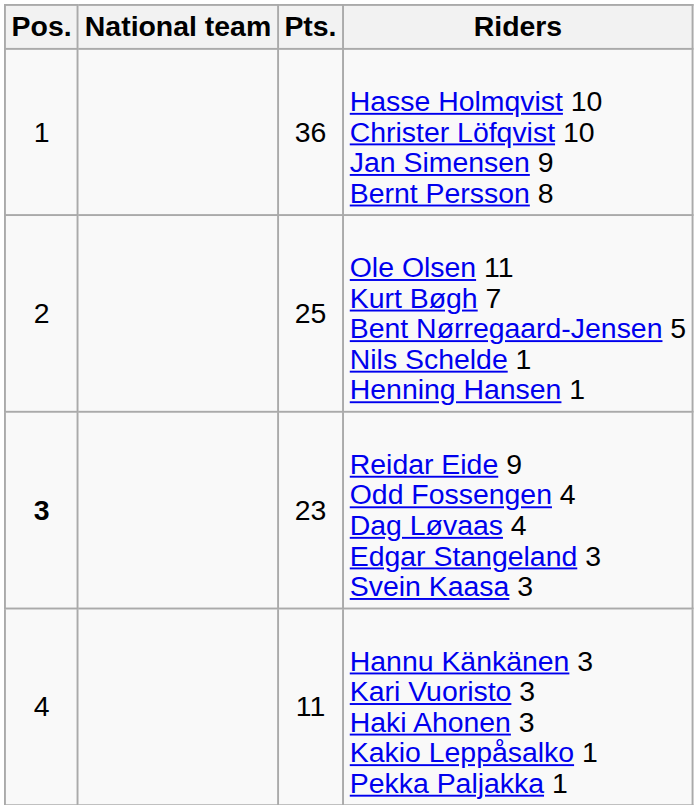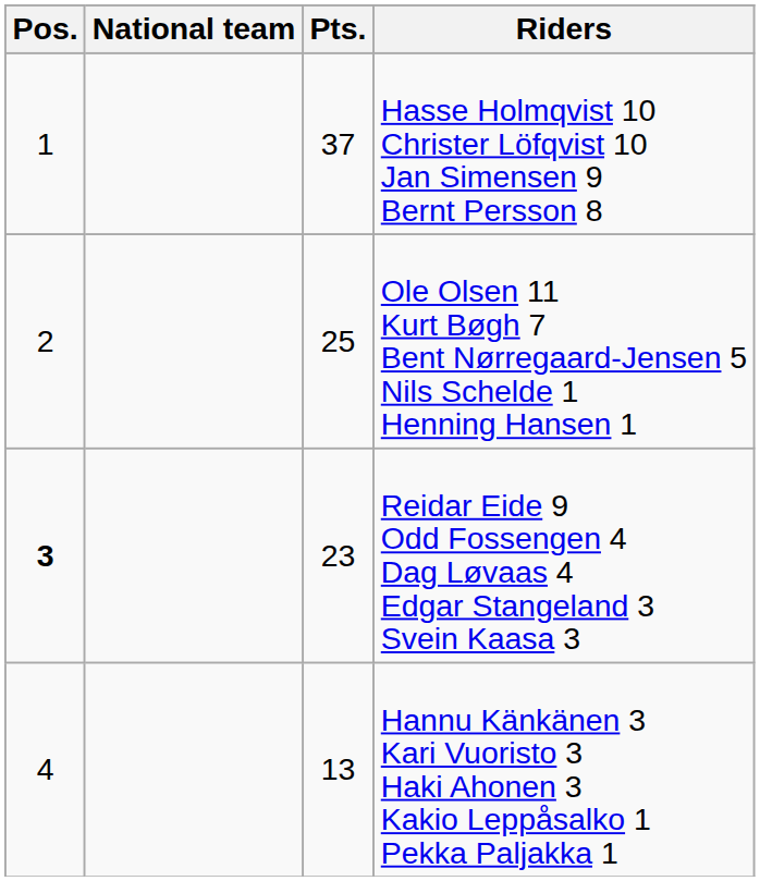 <table class=wikitable style="font-size:93%;">
 <tr>
 <th>Pos.</th>
 <th>National team</th>
 <th>Pts.</th>
 <th>Riders</th>
 </tr>
 <tr align=center >
 <td>1</td>
 <td align=left></td>
-<td>36</td>
+<td>37</td>
 <td align=left><br><a href='#'>Hasse Holmqvist</a> 10<br> <a href='#'>Christer Löfqvist</a> 10<br> <a href='#'>Jan Simensen</a> 9<br> <a href='#'>Bernt Persson</a> 8</td>
 </tr>
 <tr align=center>
 <td>2</td>
 <td align=left></td>
 <td>25</td>
 <td align=left><br><a href='#'>Ole Olsen</a> 11<br> <a href='#'>Kurt Bøgh</a> 7<br> <a href='#'>Bent Nørregaard-Jensen</a> 5<br> <a href='#'>Nils Schelde</a> 1<br> <a href='#'>Henning Hansen</a> 1</td>
 </tr>
 <tr align=center>
 <td><strong>3</strong></td>
 <td align=left></td>
 <td>23</td>
 <td align=left><br><a href='#'>Reidar Eide</a> 9<br> <a href='#'>Odd Fossengen</a> 4<br> <a href='#'>Dag Løvaas</a> 4<br> <a href='#'>Edgar Stangeland</a> 3<br> <a href='#'>Svein Kaasa</a> 3</td>
 </tr>
 <tr align=center>
 <td>4</td>
 <td align=left></td>
-<td>11</td>
+<td>13</td>
 <td align=left><br><a href='#'>Hannu Känkänen</a> 3<br> <a href='#'>Kari Vuoristo</a> 3<br> <a href='#'>Haki Ahonen</a> 3<br> <a href='#'>Kakio Leppåsalko</a> 1<br> <a href='#'>Pekka Paljakka</a> 1</td>
 </tr>
 </table>
